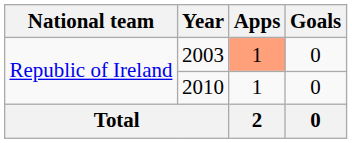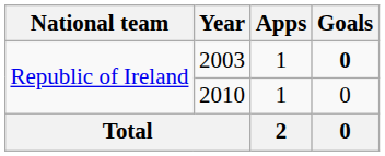 <table class="wikitable" style="text-align: center;">
 <tr>
 <th>National team</th>
 <th>Year</th>
 <th>Apps</th>
 <th>Goals</th>
 </tr>
 <tr>
 <td rowspan="2"><a href='#'>Republic of Ireland</a></td>
 <td>2003</td>
-<td style="background: lightsalmon;">1</td>
-<td>0</td>
+<td>1</td>
+<td><strong>0</strong></td>
 </tr>
 <tr>
 <td>2010</td>
 <td>1</td>
 <td>0</td>
 </tr>
 <tr>
 <th colspan="2">Total</th>
 <th>2</th>
 <th>0</th>
 </tr>
 </table>
